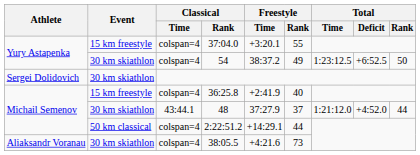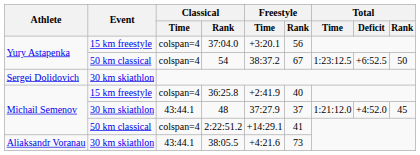 <table class="wikitable" style="font-size:90%">
 <tr>
 <th rowspan=2>Athlete</th>
 <th rowspan=2>Event</th>
 <th colspan=2>Classical</th>
 <th colspan=2>Freestyle</th>
 <th colspan=3>Total</th>
 </tr>
 <tr style="font-size:95%">
 <th>Time</th>
 <th>Rank</th>
 <th>Time</th>
 <th>Rank</th>
 <th>Time</th>
 <th>Deficit</th>
 <th>Rank</th>
 </tr>
 <tr align=center>
 <td align=left rowspan=2><a href='#'>Yury Astapenka</a></td>
 <td align=left><a href='#'>15 km freestyle</a></td>
 <td>colspan=4 </td>
 <td>37:04.0</td>
 <td>+3:20.1</td>
-<td>55</td>
+<td>56</td>
 </tr>
 <tr align=center>
-<td align=left><a href='#'>30 km skiathlon</a></td>
+<td align=left><a href='#'>50 km classical</a></td>
 <td>colspan=4 </td>
 <td>54</td>
 <td>38:37.2</td>
-<td>49</td>
+<td>67</td>
 <td>1:23:12.5</td>
 <td>+6:52.5</td>
 <td>50</td>
 </tr>
 <tr align=center>
 <td align=left><a href='#'>Sergei Dolidovich</a></td>
 <td align=left><a href='#'>30 km skiathlon</a></td>
 <td colspan=7></td>
 </tr>
 <tr align=center>
 <td align=left rowspan=3><a href='#'>Michail Semenov</a></td>
 <td align=left><a href='#'>15 km freestyle</a></td>
 <td>colspan=4 </td>
 <td>36:25.8</td>
 <td>+2:41.9</td>
 <td>40</td>
 </tr>
 <tr align=center>
 <td align=left><a href='#'>30 km skiathlon</a></td>
 <td>43:44.1</td>
 <td>48</td>
 <td>37:27.9</td>
 <td>37</td>
 <td>1:21:12.0</td>
 <td>+4:52.0</td>
-<td>44</td>
+<td>45</td>
 </tr>
 <tr align=center>
 <td align=left><a href='#'>50 km classical</a></td>
 <td>colspan=4 </td>
 <td>2:22:51.2</td>
 <td>+14:29.1</td>
-<td>44</td>
+<td>41</td>
 </tr>
 <tr align=center>
 <td align=left><a href='#'>Aliaksandr Voranau</a></td>
 <td align=left><a href='#'>30 km skiathlon</a></td>
-<td>colspan=4 </td>
+<td>43:44.1</td>
 <td>38:05.5</td>
 <td>+4:21.6</td>
 <td>73</td>
 </tr>
 </table>
